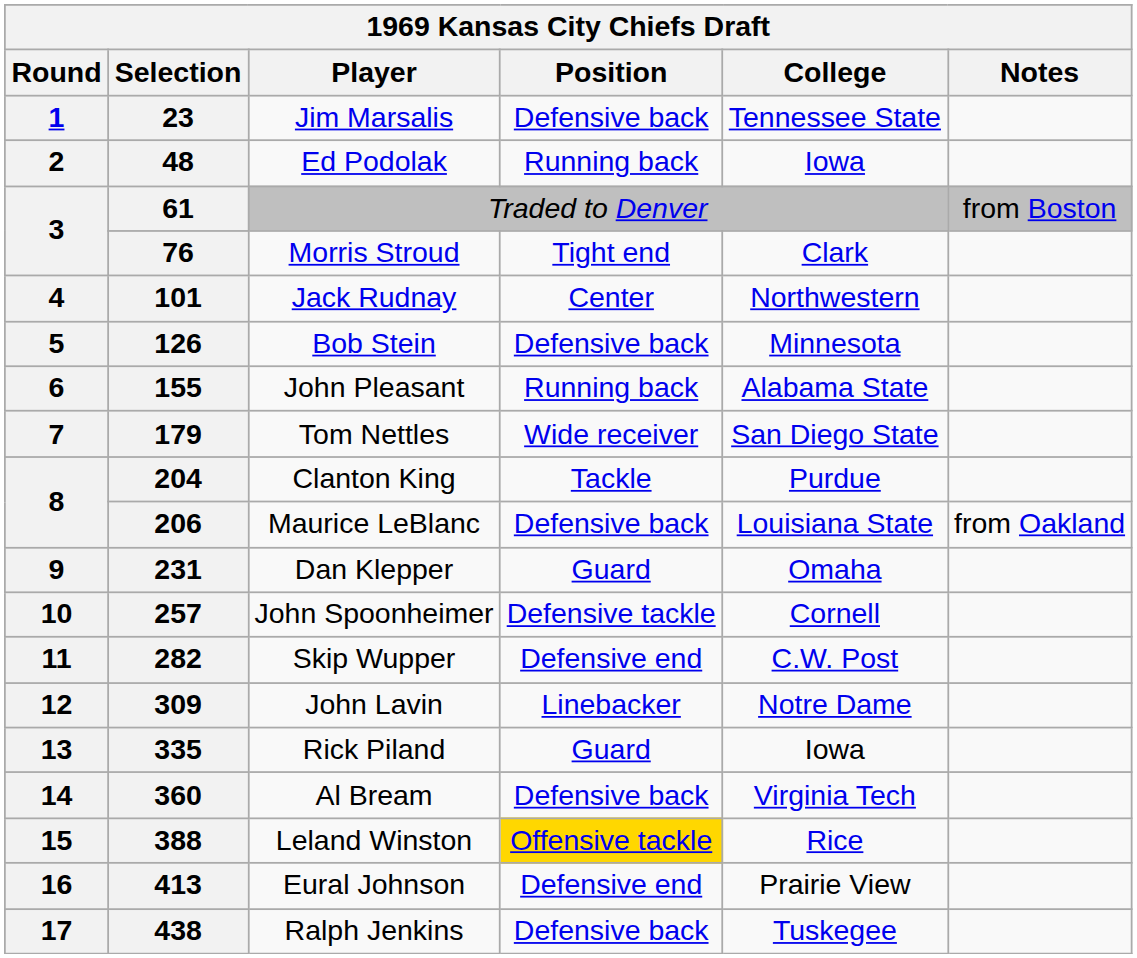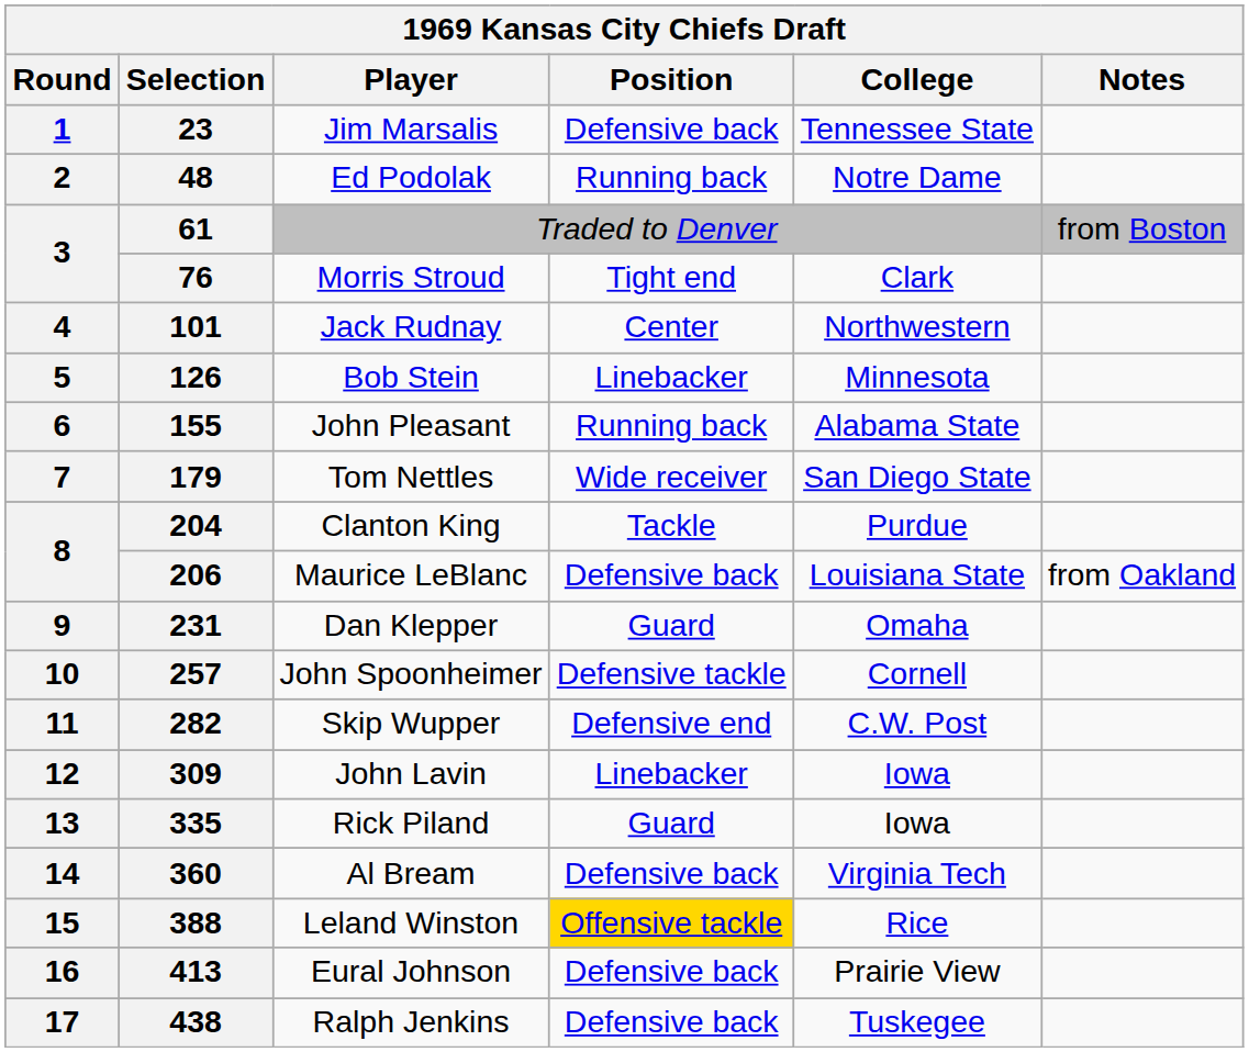 <table class="wikitable" style="text-align:center">
 <tr>
 <th colspan=6>1969 Kansas City Chiefs Draft</th>
 </tr>
 <tr>
 <th>Round</th>
 <th>Selection</th>
 <th>Player</th>
 <th>Position</th>
 <th>College</th>
 <th>Notes</th>
 </tr>
 <tr>
 <th><a href='#'>1</a></th>
 <th>23</th>
 <td><a href='#'>Jim Marsalis</a></td>
 <td><a href='#'>Defensive back</a></td>
 <td><a href='#'>Tennessee State</a></td>
 <td></td>
 </tr>
 <tr>
 <th>2</th>
 <th>48</th>
 <td><a href='#'>Ed Podolak</a></td>
 <td><a href='#'>Running back</a></td>
-<td><a href='#'>Iowa</a></td>
+<td><a href='#'>Notre Dame</a></td>
 <td></td>
 </tr>
 <tr>
 <th rowspan="2">3</th>
 <th>61</th>
 <td colspan="3" style="background:#BFBFBF"><em>Traded to <a href='#'>Denver</a></em></td>
 <td style="background:#BFBFBF">from <a href='#'>Boston</a></td>
 </tr>
 <tr>
 <th>76</th>
 <td><a href='#'>Morris Stroud</a></td>
 <td><a href='#'>Tight end</a></td>
 <td><a href='#'>Clark</a></td>
 <td></td>
 </tr>
 <tr>
 <th>4</th>
 <th>101</th>
 <td><a href='#'>Jack Rudnay</a></td>
 <td><a href='#'>Center</a></td>
 <td><a href='#'>Northwestern</a></td>
 <td></td>
 </tr>
 <tr>
 <th>5</th>
 <th>126</th>
 <td><a href='#'>Bob Stein</a></td>
-<td><a href='#'>Defensive back</a></td>
+<td><a href='#'>Linebacker</a></td>
 <td><a href='#'>Minnesota</a></td>
 <td></td>
 </tr>
 <tr>
 <th>6</th>
 <th>155</th>
 <td>John Pleasant</td>
 <td><a href='#'>Running back</a></td>
 <td><a href='#'>Alabama State</a></td>
 <td></td>
 </tr>
 <tr>
 <th>7</th>
 <th>179</th>
 <td>Tom Nettles</td>
 <td><a href='#'>Wide receiver</a></td>
 <td><a href='#'>San Diego State</a></td>
 <td></td>
 </tr>
 <tr>
 <th rowspan="2">8</th>
 <th>204</th>
 <td>Clanton King</td>
 <td><a href='#'>Tackle</a></td>
 <td><a href='#'>Purdue</a></td>
 <td></td>
 </tr>
 <tr>
 <th>206</th>
 <td>Maurice LeBlanc</td>
 <td><a href='#'>Defensive back</a></td>
 <td><a href='#'>Louisiana State</a></td>
 <td>from <a href='#'>Oakland</a></td>
 </tr>
 <tr>
 <th>9</th>
 <th>231</th>
 <td>Dan Klepper</td>
 <td><a href='#'>Guard</a></td>
 <td><a href='#'>Omaha</a></td>
 <td></td>
 </tr>
 <tr>
 <th>10</th>
 <th>257</th>
 <td>John Spoonheimer</td>
 <td><a href='#'>Defensive tackle</a></td>
 <td><a href='#'>Cornell</a></td>
 <td></td>
 </tr>
 <tr>
 <th>11</th>
 <th>282</th>
 <td>Skip Wupper</td>
 <td><a href='#'>Defensive end</a></td>
 <td><a href='#'>C.W. Post</a></td>
 <td></td>
 </tr>
 <tr>
 <th>12</th>
 <th>309</th>
 <td>John Lavin</td>
 <td><a href='#'>Linebacker</a></td>
-<td><a href='#'>Notre Dame</a></td>
+<td><a href='#'>Iowa</a></td>
 <td></td>
 </tr>
 <tr>
 <th>13</th>
 <th>335</th>
 <td>Rick Piland</td>
 <td><a href='#'>Guard</a></td>
 <td>Iowa</td>
 <td></td>
 </tr>
 <tr>
 <th>14</th>
 <th>360</th>
 <td>Al Bream</td>
 <td><a href='#'>Defensive back</a></td>
 <td><a href='#'>Virginia Tech</a></td>
 <td></td>
 </tr>
 <tr>
 <th>15</th>
 <th>388</th>
 <td>Leland Winston</td>
 <td style="background: gold;"><a href='#'>Offensive tackle</a></td>
 <td><a href='#'>Rice</a></td>
 <td></td>
 </tr>
 <tr>
 <th>16</th>
 <th>413</th>
 <td>Eural Johnson</td>
-<td><a href='#'>Defensive end</a></td>
+<td><a href='#'>Defensive back</a></td>
 <td>Prairie View</td>
 <td></td>
 </tr>
 <tr>
 <th>17</th>
 <th>438</th>
 <td>Ralph Jenkins</td>
 <td><a href='#'>Defensive back</a></td>
 <td><a href='#'>Tuskegee</a></td>
 <td></td>
 </tr>
 </table>
